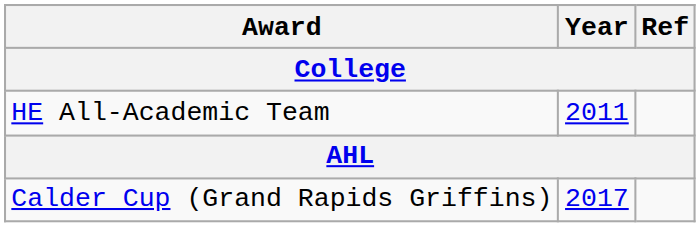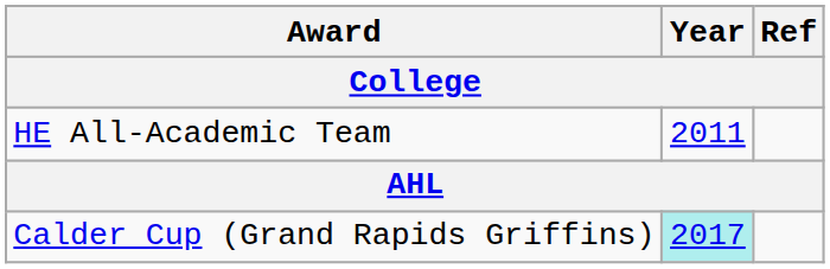 <table class="wikitable">
 <tr>
 <th scope="col">Award</th>
 <th scope="col">Year</th>
 <th scope="col">Ref</th>
 </tr>
 <tr>
 <th colspan="3"><a href='#'>College</a></th>
 </tr>
 <tr>
 <td><a href='#'>HE</a> All-Academic Team</td>
 <td><a href='#'>2011</a></td>
 <td></td>
 </tr>
 <tr>
 <th colspan="3"><a href='#'>AHL</a></th>
 </tr>
 <tr>
 <td><a href='#'>Calder Cup</a> (Grand Rapids Griffins)</td>
-<td><a href='#'>2017</a></td>
+<td style="background: paleturquoise;"><a href='#'>2017</a></td>
 <td></td>
 </tr>
 </table>
